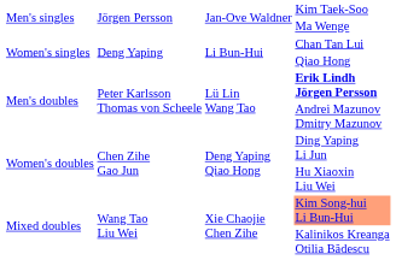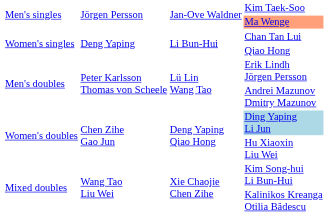 <table>
 <tr>
 <td rowspan=2><a href='#'>Men's singles</a></td>
 <td rowspan=2> <a href='#'>Jörgen Persson</a></td>
 <td rowspan=2> <a href='#'>Jan-Ove Waldner</a></td>
 <td> <a href='#'>Kim Taek-Soo</a></td>
 </tr>
 <tr>
-<td> <a href='#'>Ma Wenge</a></td>
+<td style="background: lightsalmon;"> <a href='#'>Ma Wenge</a></td>
 </tr>
 <tr>
 <td rowspan=2><a href='#'>Women's singles</a></td>
 <td rowspan=2> <a href='#'>Deng Yaping</a></td>
 <td rowspan=2> <a href='#'>Li Bun-Hui</a></td>
 <td> <a href='#'>Chan Tan Lui</a></td>
 </tr>
 <tr>
 <td> <a href='#'>Qiao Hong</a></td>
 </tr>
 <tr>
 <td rowspan=2><a href='#'>Men's doubles</a></td>
 <td rowspan=2> <a href='#'>Peter Karlsson</a><br> <a href='#'>Thomas von Scheele</a></td>
 <td rowspan=2> <a href='#'>Lü Lin</a><br> <a href='#'>Wang Tao</a></td>
-<td><strong> <a href='#'>Erik Lindh</a><br> <a href='#'>Jörgen Persson</a></strong></td>
+<td> <a href='#'>Erik Lindh</a><br> <a href='#'>Jörgen Persson</a></td>
 </tr>
 <tr>
 <td> <a href='#'>Andrei Mazunov</a><br> <a href='#'>Dmitry Mazunov</a></td>
 </tr>
 <tr>
 <td rowspan=2><a href='#'>Women's doubles</a></td>
 <td rowspan=2> <a href='#'>Chen Zihe</a><br> <a href='#'>Gao Jun</a></td>
 <td rowspan=2> <a href='#'>Deng Yaping</a><br> <a href='#'>Qiao Hong</a></td>
-<td> <a href='#'>Ding Yaping</a><br> <a href='#'>Li Jun</a></td>
+<td style="background: lightblue;"> <a href='#'>Ding Yaping</a><br> <a href='#'>Li Jun</a></td>
 </tr>
 <tr>
 <td> <a href='#'>Hu Xiaoxin</a><br> <a href='#'>Liu Wei</a></td>
 </tr>
 <tr>
 <td rowspan=2><a href='#'>Mixed doubles</a></td>
 <td rowspan=2> <a href='#'>Wang Tao</a><br> <a href='#'>Liu Wei</a></td>
 <td rowspan=2> <a href='#'>Xie Chaojie</a><br> <a href='#'>Chen Zihe</a></td>
-<td style="background: lightsalmon;"> <a href='#'>Kim Song-hui</a><br> <a href='#'>Li Bun-Hui</a></td>
+<td> <a href='#'>Kim Song-hui</a><br> <a href='#'>Li Bun-Hui</a></td>
 </tr>
 <tr>
 <td> <a href='#'>Kalinikos Kreanga</a><br> <a href='#'>Otilia Bădescu</a></td>
 </tr>
 </table>
